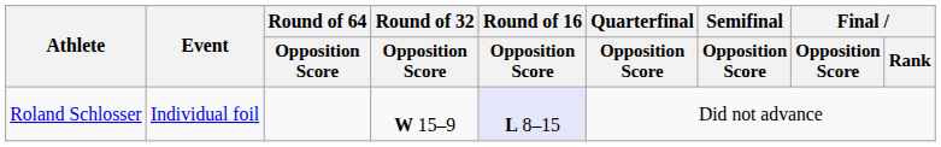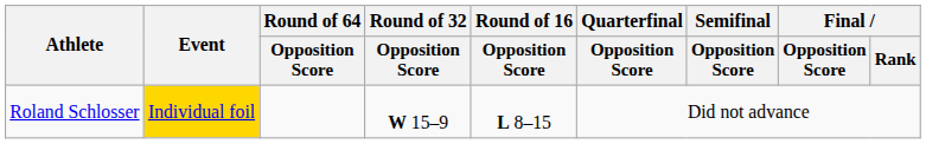 <table class="wikitable" style="font-size:90%">
 <tr>
 <th rowspan="2">Athlete</th>
 <th rowspan="2">Event</th>
 <th>Round of 64</th>
 <th>Round of 32</th>
 <th>Round of 16</th>
 <th>Quarterfinal</th>
 <th>Semifinal</th>
 <th colspan=2>Final / </th>
 </tr>
 <tr style="font-size:95%">
 <th>Opposition <br> Score</th>
 <th>Opposition <br> Score</th>
 <th>Opposition <br> Score</th>
 <th>Opposition <br> Score</th>
 <th>Opposition <br> Score</th>
 <th>Opposition <br> Score</th>
 <th>Rank</th>
 </tr>
 <tr align=center>
 <td align=left><a href='#'>Roland Schlosser</a></td>
-<td align=left><a href='#'>Individual foil</a></td>
+<td align=left style="background: gold;"><a href='#'>Individual foil</a></td>
 <td></td>
 <td><br><strong>W</strong> 15–9</td>
-<td style="background: lavender;"><br><strong>L</strong> 8–15</td>
+<td><br><strong>L</strong> 8–15</td>
 <td colspan=4>Did not advance</td>
 </tr>
 </table>
